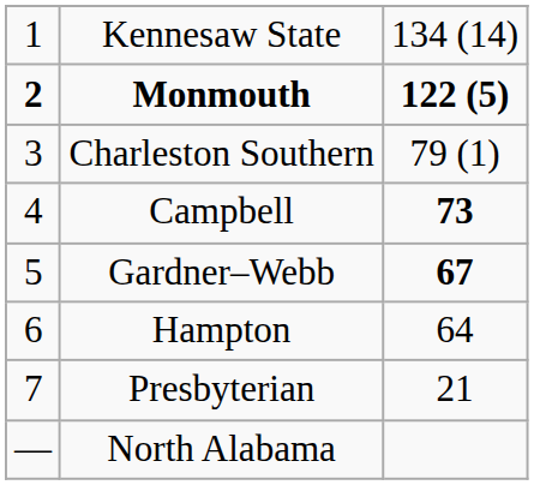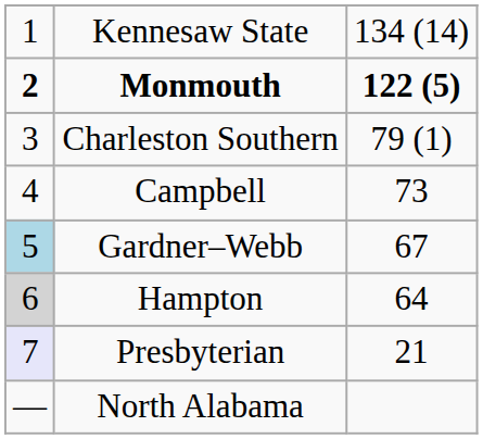 <table class="wikitable">
 <tr align="center">
 </tr>
 <tr align="center">
 <td>1</td>
 <td>Kennesaw State</td>
 <td>134 (14)</td>
 </tr>
 <tr align="center">
 <td><strong>2</strong></td>
 <td><strong>Monmouth</strong></td>
 <td><strong>122 (5)</strong></td>
 </tr>
 <tr align="center">
 <td>3</td>
 <td>Charleston Southern</td>
 <td>79 (1)</td>
 </tr>
 <tr align="center">
 <td>4</td>
 <td>Campbell</td>
-<td><strong>73</strong></td>
+<td>73</td>
 </tr>
 <tr align="center">
-<td>5</td>
+<td style="background: lightblue;">5</td>
 <td>Gardner–Webb</td>
-<td><strong>67</strong></td>
+<td>67</td>
 </tr>
 <tr align="center">
-<td>6</td>
+<td style="background: lightgrey;">6</td>
 <td>Hampton</td>
 <td>64</td>
 </tr>
 <tr align="center">
-<td>7</td>
+<td style="background: lavender;">7</td>
 <td>Presbyterian</td>
 <td>21</td>
 </tr>
 <tr align="center">
 <td>—</td>
 <td>North Alabama</td>
 <td></td>
 </tr>
 </table>
